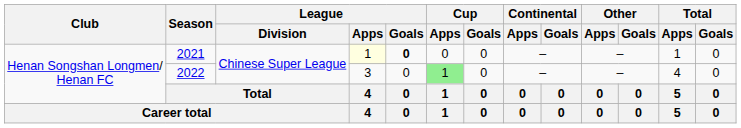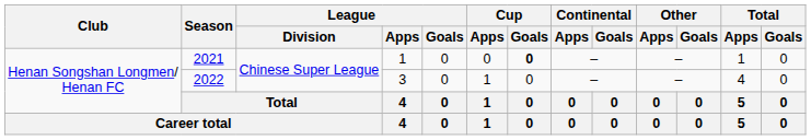 <table class="wikitable" style="text-align: center">
 <tr>
 <th rowspan="2">Club</th>
 <th rowspan="2">Season</th>
 <th colspan="3">League</th>
 <th colspan="2">Cup</th>
 <th colspan="2">Continental</th>
 <th colspan="2">Other</th>
 <th colspan="2">Total</th>
 </tr>
 <tr>
 <th>Division</th>
 <th>Apps</th>
 <th>Goals</th>
 <th>Apps</th>
 <th>Goals</th>
 <th>Apps</th>
 <th>Goals</th>
 <th>Apps</th>
 <th>Goals</th>
 <th>Apps</th>
 <th>Goals</th>
 </tr>
 <tr>
 <td rowspan=3><a href='#'>Henan Songshan Longmen</a>/<br><a href='#'>Henan FC</a></td>
 <td><a href='#'>2021</a></td>
 <td rowspan=2><a href='#'>Chinese Super League</a></td>
-<td style="background: lightyellow;">1</td>
-<td><strong>0</strong></td>
+<td>1</td>
 <td>0</td>
 <td>0</td>
+<td><strong>0</strong></td>
 <td colspan="2">–</td>
 <td colspan="2">–</td>
 <td>1</td>
 <td>0</td>
 </tr>
 <tr>
 <td><a href='#'>2022</a></td>
 <td>3</td>
 <td>0</td>
-<td style="background: lightgreen;">1</td>
+<td>1</td>
 <td>0</td>
 <td colspan="2">–</td>
 <td colspan="2">–</td>
 <td>4</td>
 <td>0</td>
 </tr>
 <tr>
 <th colspan="2">Total</th>
 <th>4</th>
 <th>0</th>
 <th>1</th>
 <th>0</th>
 <th>0</th>
 <th>0</th>
 <th>0</th>
 <th>0</th>
 <th>5</th>
 <th>0</th>
 </tr>
 <tr>
 <th colspan=3>Career total</th>
 <th>4</th>
 <th>0</th>
 <th>1</th>
 <th>0</th>
 <th>0</th>
 <th>0</th>
 <th>0</th>
 <th>0</th>
 <th>5</th>
 <th>0</th>
 </tr>
 </table>
